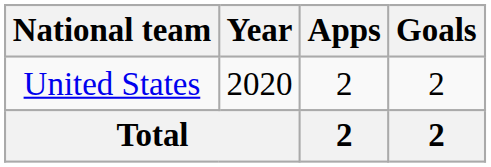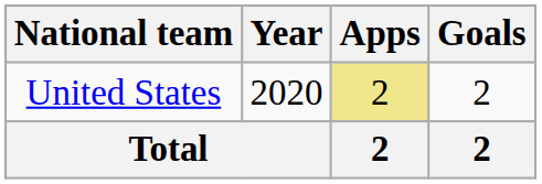 <table class="wikitable" style="text-align:center">
 <tr>
 <th>National team</th>
 <th>Year</th>
 <th>Apps</th>
 <th>Goals</th>
 </tr>
 <tr>
 <td><a href='#'>United States</a></td>
 <td>2020</td>
-<td>2</td>
+<td style="background: khaki;">2</td>
 <td>2</td>
 </tr>
 <tr>
 <th colspan="2">Total</th>
 <th>2</th>
 <th>2</th>
 </tr>
 </table>
